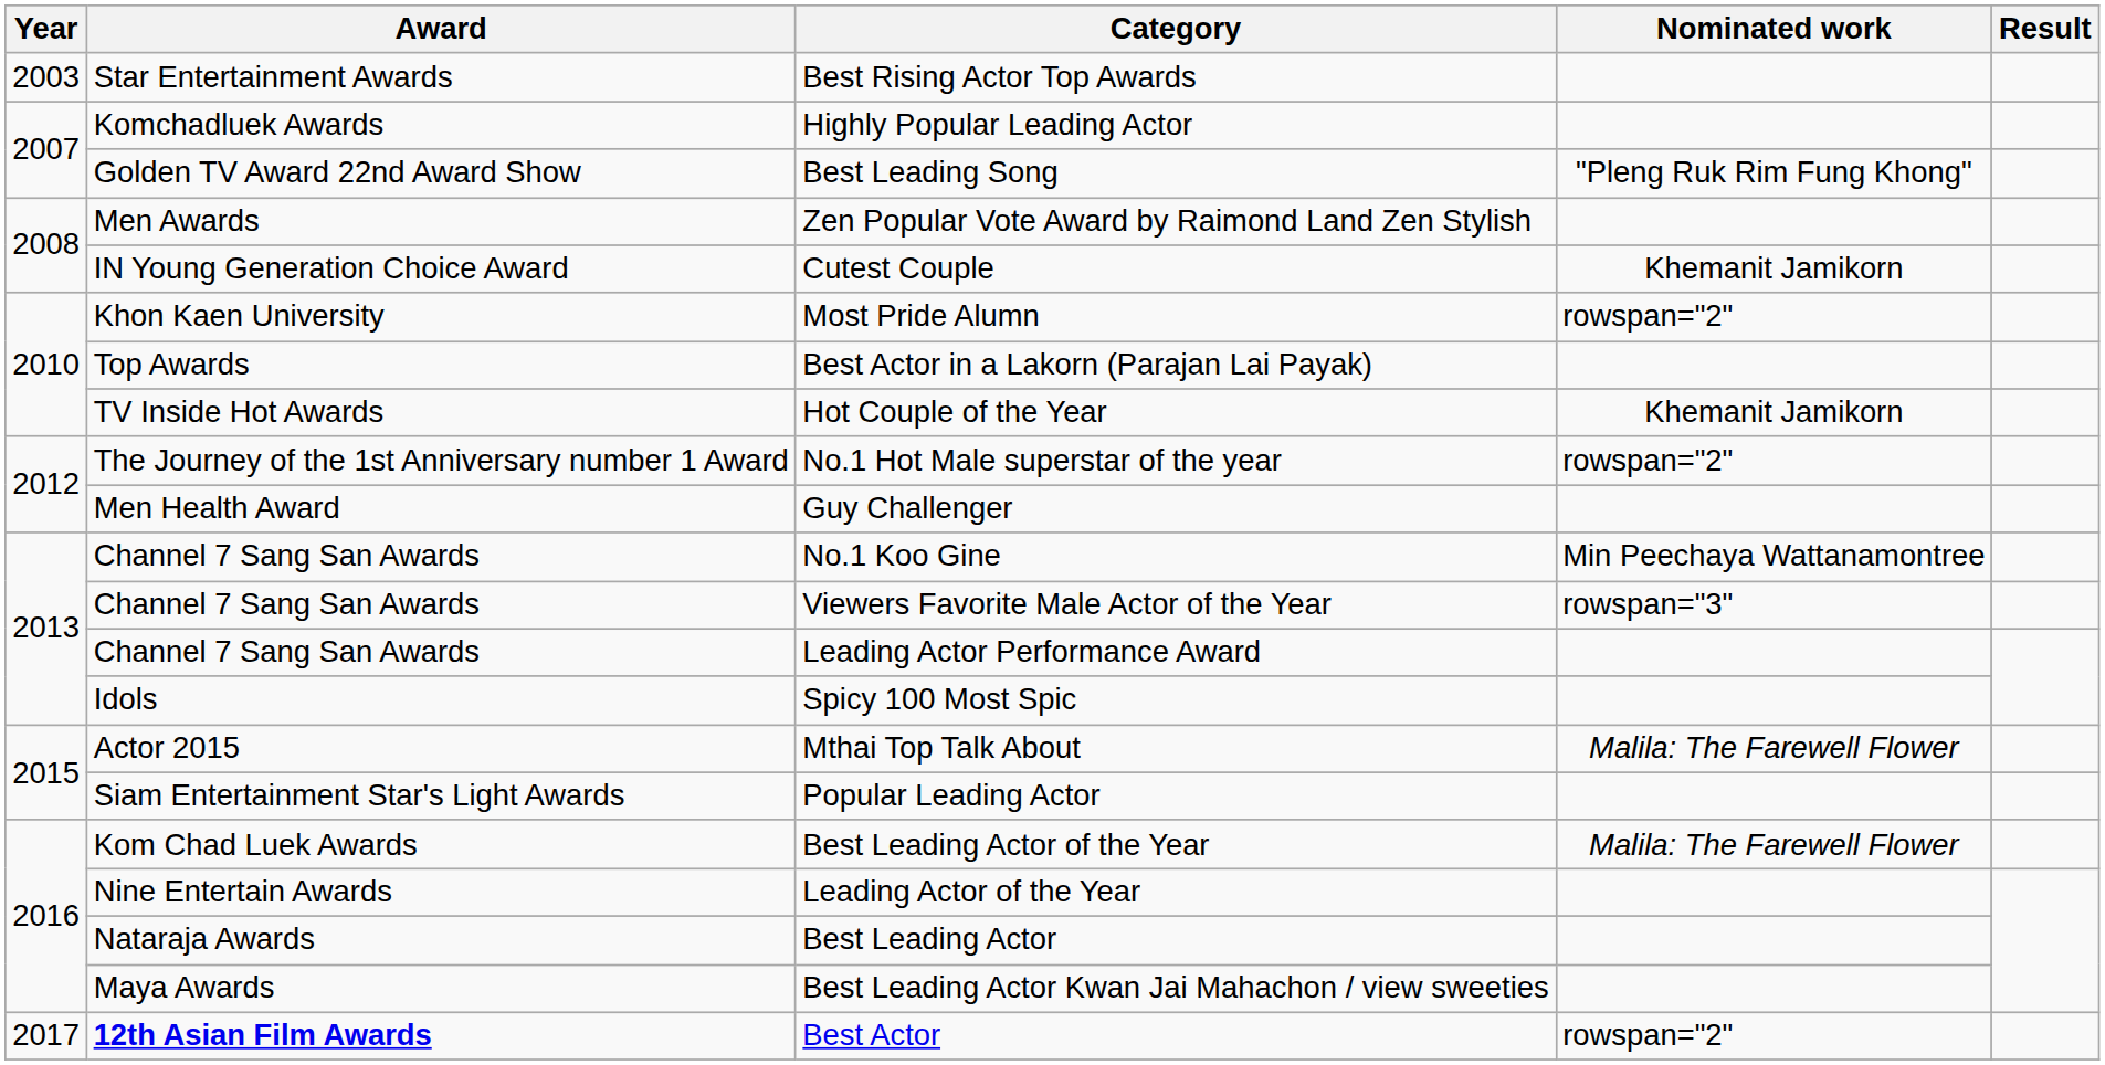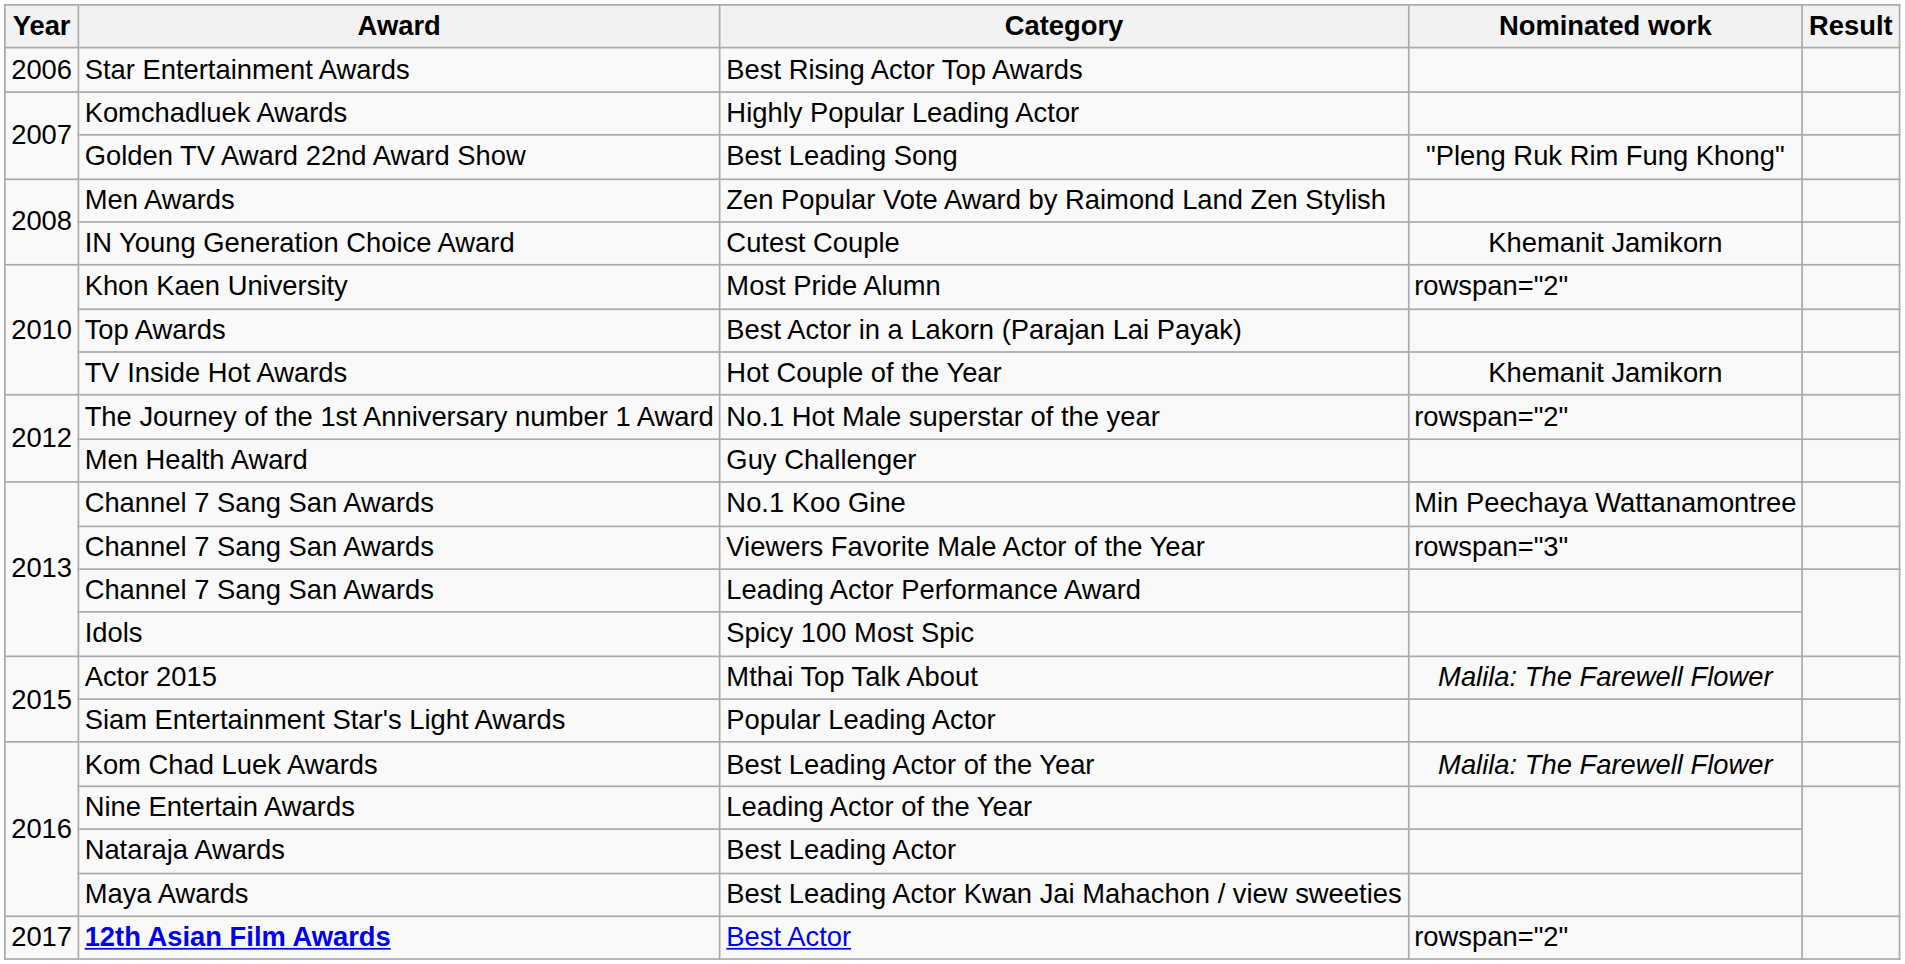 <table class="wikitable">
 <tr>
 <th>Year</th>
 <th>Award</th>
 <th>Category</th>
 <th>Nominated work</th>
 <th>Result</th>
 </tr>
 <tr>
-<td>2003</td>
+<td>2006</td>
 <td>Star Entertainment Awards</td>
 <td>Best Rising Actor Top Awards</td>
 <td></td>
 <td></td>
 </tr>
 <tr>
 <td rowspan="2">2007</td>
 <td>Komchadluek Awards</td>
 <td>Highly Popular Leading Actor</td>
 <td></td>
 <td></td>
 </tr>
 <tr>
 <td>Golden TV Award 22nd Award Show</td>
 <td>Best Leading Song</td>
 <td align="center">"Pleng Ruk Rim Fung Khong"</td>
 <td></td>
 </tr>
 <tr>
 <td rowspan="2">2008</td>
 <td>Men Awards</td>
 <td>Zen Popular Vote Award by Raimond Land Zen Stylish</td>
 <td></td>
 <td></td>
 </tr>
 <tr>
 <td>IN Young Generation Choice Award</td>
 <td>Cutest Couple</td>
 <td align="center">Khemanit Jamikorn</td>
 <td></td>
 </tr>
 <tr>
 <td rowspan="3">2010</td>
 <td>Khon Kaen University</td>
 <td>Most Pride Alumn</td>
 <td>rowspan="2" </td>
 <td></td>
 </tr>
 <tr>
 <td>Top Awards</td>
 <td>Best Actor in a Lakorn (Parajan Lai Payak)</td>
 <td></td>
 </tr>
 <tr>
 <td>TV Inside Hot Awards</td>
 <td>Hot Couple of the Year</td>
 <td align="center">Khemanit Jamikorn</td>
 <td></td>
 </tr>
 <tr>
 <td rowspan="2">2012</td>
 <td>The Journey of the 1st Anniversary number 1 Award</td>
 <td>No.1 Hot Male superstar of the year</td>
 <td>rowspan="2" </td>
 <td></td>
 </tr>
 <tr>
 <td>Men Health Award</td>
 <td>Guy Challenger</td>
 <td></td>
 </tr>
 <tr>
 <td rowspan="4">2013</td>
 <td>Channel 7 Sang San Awards</td>
 <td>No.1 Koo Gine</td>
 <td align="center">Min Peechaya Wattanamontree</td>
 <td></td>
 </tr>
 <tr>
 <td>Channel 7 Sang San Awards</td>
 <td>Viewers Favorite Male Actor of the Year</td>
 <td>rowspan="3" </td>
 <td></td>
 </tr>
 <tr>
 <td>Channel 7 Sang San Awards</td>
 <td>Leading Actor Performance Award</td>
 <td></td>
 </tr>
 <tr>
 <td>Idols</td>
 <td>Spicy 100 Most Spic</td>
 <td></td>
 </tr>
 <tr>
 <td rowspan="2">2015</td>
 <td>Actor 2015</td>
 <td>Mthai Top Talk About</td>
 <td align="center"><em>Malila: The Farewell Flower</em></td>
 <td></td>
 </tr>
 <tr>
 <td>Siam Entertainment Star's Light Awards</td>
 <td>Popular Leading Actor</td>
 <td></td>
 </tr>
 <tr>
 <td rowspan="4">2016</td>
 <td>Kom Chad Luek Awards</td>
 <td>Best Leading Actor of the Year</td>
 <td align="center"><em>Malila: The Farewell Flower</em></td>
 <td></td>
 </tr>
 <tr>
 <td>Nine Entertain Awards</td>
 <td>Leading Actor of the Year</td>
 <td></td>
 </tr>
 <tr>
 <td>Nataraja Awards</td>
 <td>Best Leading Actor</td>
 <td></td>
 </tr>
 <tr>
 <td>Maya Awards</td>
 <td>Best Leading Actor Kwan Jai Mahachon / view sweeties</td>
 <td></td>
 </tr>
 <tr>
 <td>2017</td>
 <td><strong><a href='#'>12th Asian Film Awards</a></strong></td>
 <td><a href='#'>Best Actor</a></td>
 <td>rowspan="2" </td>
 <td></td>
 </tr>
 </table>
